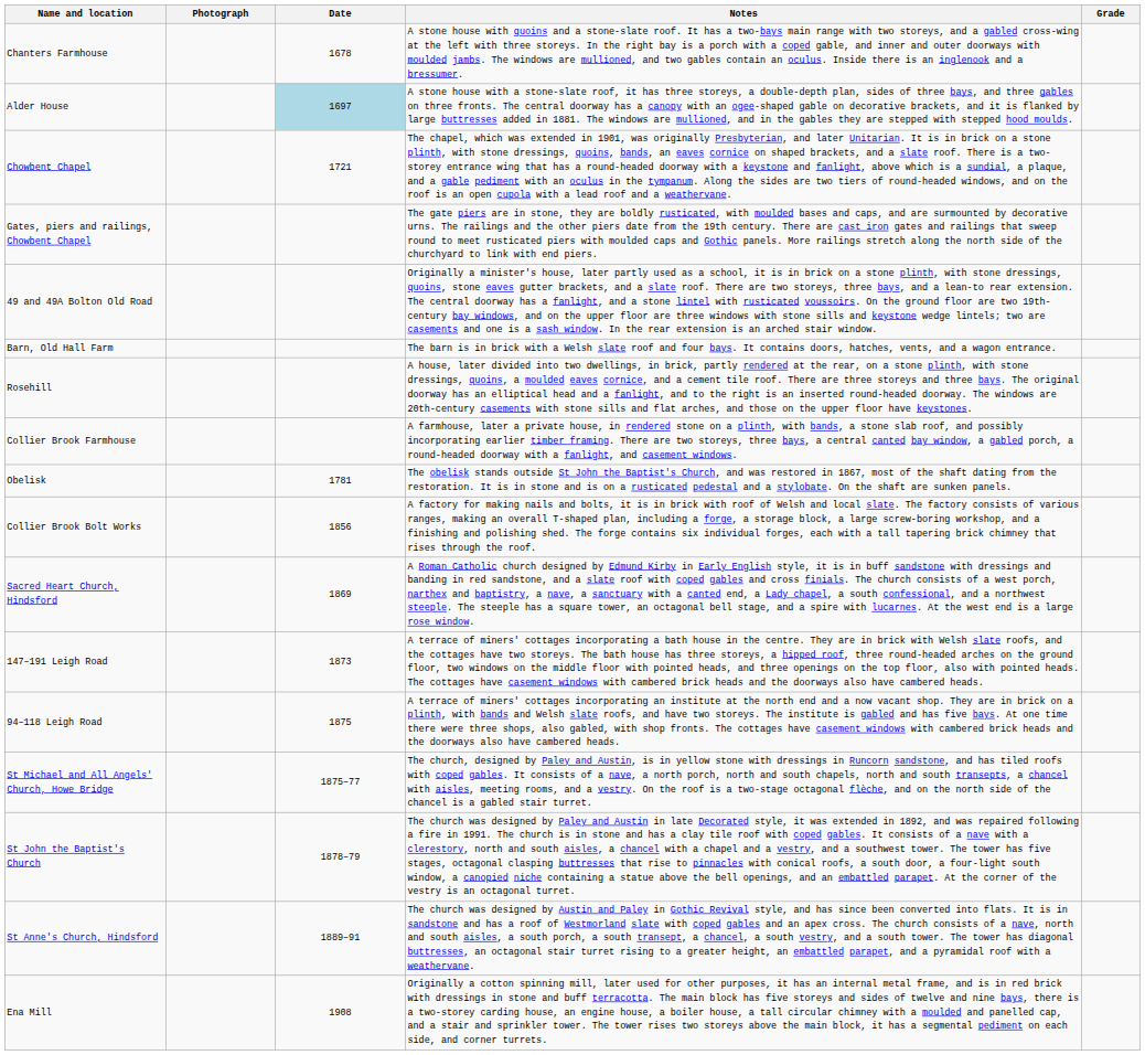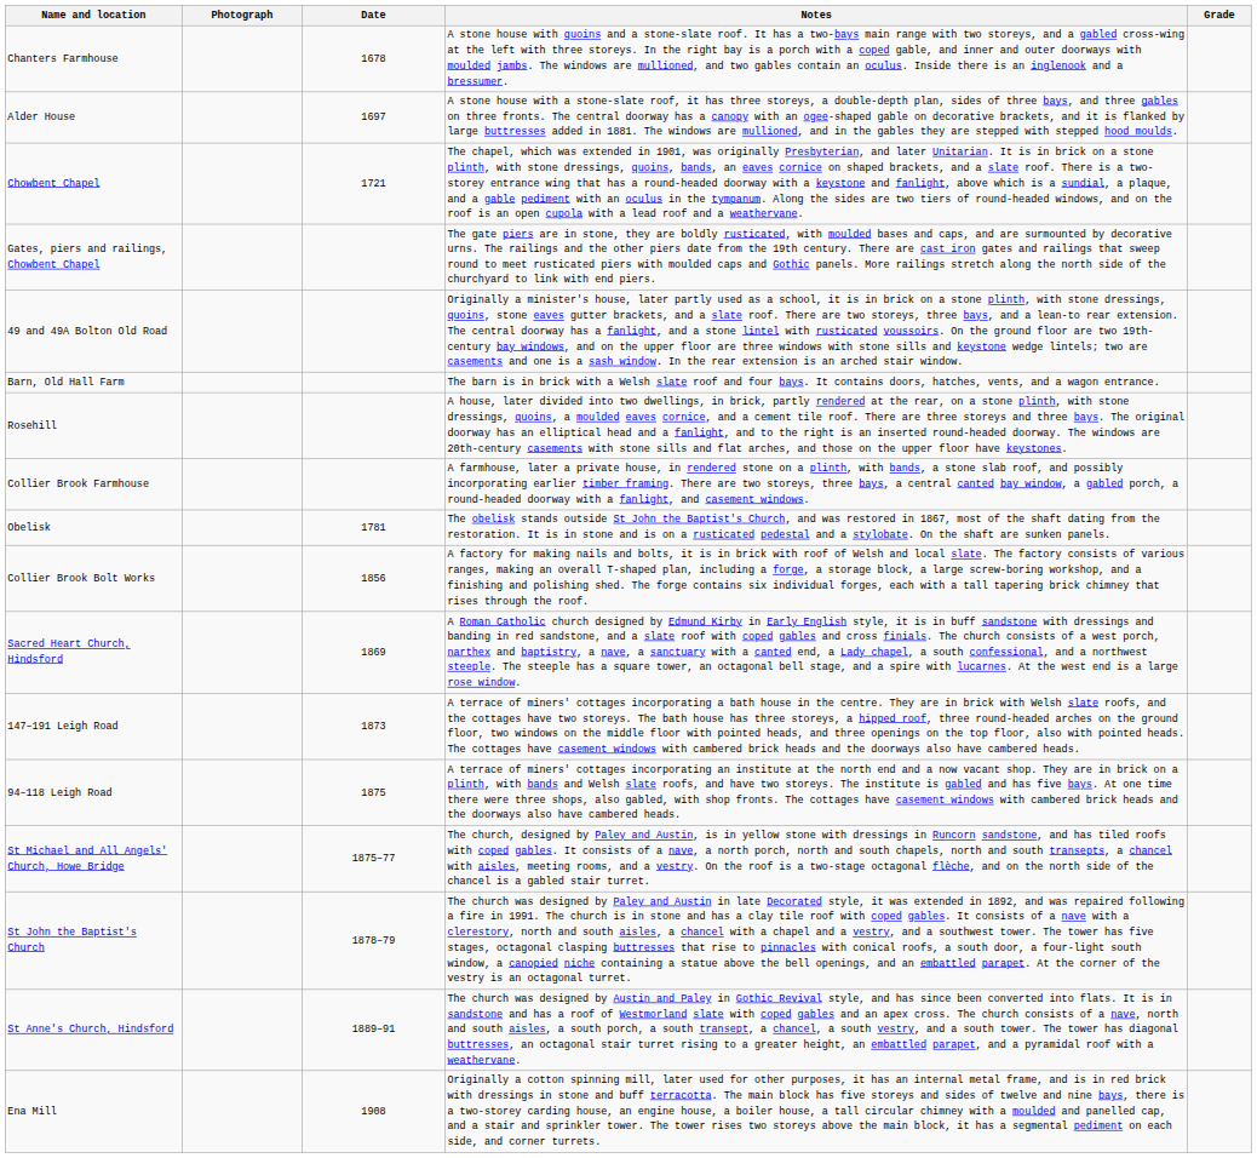 <table class="wikitable sortable plainrowheaders" style="width:100%; border:0; text-align:left; line-height:150%;">
 <tr>
 <th scope="col"  style="width:150px">Name and location</th>
 <th scope="col"  style="width:100px" class="unsortable">Photograph</th>
 <th scope="col"  style="width:120px">Date</th>
 <th scope="col"  style="width:650px" class="unsortable">Notes</th>
 <th scope="col"  style="width:50px">Grade</th>
 </tr>
 <tr>
 <td>Chanters Farmhouse<br><small></small></td>
 <td></td>
 <td align="center">1678</td>
 <td>A stone house with <a href='#'>quoins</a> and a stone-slate roof. It has a two-<a href='#'>bays</a> main range with two storeys, and a <a href='#'>gabled</a> cross-wing at the left with three storeys. In the right bay is a porch with a <a href='#'>coped</a> gable, and inner and outer doorways with <a href='#'>moulded</a> <a href='#'>jambs</a>. The windows are <a href='#'>mullioned</a>, and two gables contain an <a href='#'>oculus</a>. Inside there is an <a href='#'>inglenook</a> and a <a href='#'>bressumer</a>.</td>
 <td align="center" ></td>
 </tr>
 <tr>
 <td>Alder House<br><small></small></td>
 <td></td>
-<td align="center" style="background: lightblue;">1697</td>
+<td align="center">1697</td>
 <td>A stone house with a stone-slate roof, it has three storeys, a double-depth plan, sides of three <a href='#'>bays</a>, and three <a href='#'>gables</a> on three fronts. The central doorway has a <a href='#'>canopy</a> with an <a href='#'>ogee</a>-shaped gable on decorative brackets, and it is flanked by large <a href='#'>buttresses</a> added in 1881. The windows are <a href='#'>mullioned</a>, and in the gables they are stepped with stepped <a href='#'>hood moulds</a>.</td>
 <td align="center" ></td>
 </tr>
 <tr>
 <td><a href='#'>Chowbent Chapel</a><br><small></small></td>
 <td></td>
 <td align="center">1721</td>
 <td>The chapel, which was extended in 1901, was originally <a href='#'>Presbyterian</a>, and later <a href='#'>Unitarian</a>. It is in brick on a stone <a href='#'>plinth</a>, with stone dressings, <a href='#'>quoins</a>, <a href='#'>bands</a>, an <a href='#'>eaves</a> <a href='#'>cornice</a> on shaped brackets, and a <a href='#'>slate</a> roof. There is a two-storey entrance wing that has a round-headed doorway with a <a href='#'>keystone</a> and <a href='#'>fanlight</a>, above which is a <a href='#'>sundial</a>, a plaque, and a <a href='#'>gable</a> <a href='#'>pediment</a> with an <a href='#'>oculus</a> in the <a href='#'>tympanum</a>. Along the sides are two tiers of round-headed windows, and on the roof is an open <a href='#'>cupola</a> with a lead roof and a <a href='#'>weathervane</a>.</td>
 <td align="center" ></td>
 </tr>
 <tr>
 <td>Gates, piers and railings,<br><a href='#'>Chowbent Chapel</a><br><small></small></td>
 <td></td>
 <td align="center"></td>
 <td>The gate <a href='#'>piers</a> are in stone, they are boldly <a href='#'>rusticated</a>, with <a href='#'>moulded</a> bases and caps, and are surmounted by decorative urns. The railings and the other piers date from the 19th century. There are <a href='#'>cast iron</a> gates and railings that sweep round to meet rusticated piers with moulded caps and <a href='#'>Gothic</a> panels. More railings stretch along the north side of the churchyard to link with end piers.</td>
 <td align="center" ></td>
 </tr>
 <tr>
 <td>49 and 49A Bolton Old Road<br><small></small></td>
 <td></td>
 <td align="center"></td>
 <td>Originally a minister's house, later partly used as a school, it is in brick on a stone <a href='#'>plinth</a>, with stone dressings, <a href='#'>quoins</a>, stone <a href='#'>eaves</a> gutter brackets, and a <a href='#'>slate</a> roof. There are two storeys, three <a href='#'>bays</a>, and a lean-to rear extension. The central doorway has a <a href='#'>fanlight</a>, and a stone <a href='#'>lintel</a> with <a href='#'>rusticated</a> <a href='#'>voussoirs</a>. On the ground floor are two 19th-century <a href='#'>bay windows</a>, and on the upper floor are three windows with stone sills and <a href='#'>keystone</a> wedge lintels; two are <a href='#'>casements</a> and one is a <a href='#'>sash window</a>. In the rear extension is an arched stair window.</td>
 <td align="center" ></td>
 </tr>
 <tr>
 <td>Barn, Old Hall Farm<br><small></small></td>
 <td></td>
 <td align="center"></td>
 <td>The barn is in brick with a Welsh <a href='#'>slate</a> roof and four <a href='#'>bays</a>. It contains doors, hatches, vents, and a wagon entrance.</td>
 <td align="center" ></td>
 </tr>
 <tr>
 <td>Rosehill<br><small></small></td>
 <td></td>
 <td align="center"></td>
 <td>A house, later divided into two dwellings, in brick, partly <a href='#'>rendered</a> at the rear, on a stone <a href='#'>plinth</a>, with stone dressings, <a href='#'>quoins</a>, a <a href='#'>moulded</a> <a href='#'>eaves</a> <a href='#'>cornice</a>, and a cement tile roof. There are three storeys and three <a href='#'>bays</a>. The original doorway has an elliptical head and a <a href='#'>fanlight</a>, and to the right is an inserted round-headed doorway. The windows are 20th-century <a href='#'>casements</a> with stone sills and flat arches, and those on the upper floor have <a href='#'>keystones</a>.</td>
 <td align="center" ></td>
 </tr>
 <tr>
 <td>Collier Brook Farmhouse<br><small></small></td>
 <td></td>
 <td align="center"></td>
 <td>A farmhouse, later a private house, in <a href='#'>rendered</a> stone on a <a href='#'>plinth</a>, with <a href='#'>bands</a>, a stone slab roof, and possibly incorporating earlier <a href='#'>timber framing</a>. There are two storeys, three <a href='#'>bays</a>, a central <a href='#'>canted</a> <a href='#'>bay window</a>, a <a href='#'>gabled</a> porch, a round-headed doorway with a <a href='#'>fanlight</a>, and <a href='#'>casement windows</a>.</td>
 <td align="center" ></td>
 </tr>
 <tr>
 <td>Obelisk<br><small></small></td>
 <td></td>
 <td align="center">1781</td>
 <td>The <a href='#'>obelisk</a> stands outside <a href='#'>St John the Baptist's Church</a>, and was restored in 1867, most of the shaft dating from the restoration. It is in stone and is on a <a href='#'>rusticated</a> <a href='#'>pedestal</a> and a <a href='#'>stylobate</a>. On the shaft are sunken panels.</td>
 <td align="center" ></td>
 </tr>
 <tr>
 <td>Collier Brook Bolt Works<br><small></small></td>
 <td></td>
 <td align="center">1856</td>
 <td>A factory for making nails and bolts, it is in brick with roof of Welsh and local <a href='#'>slate</a>. The factory consists of various ranges, making an overall T-shaped plan, including a <a href='#'>forge</a>, a storage block, a large screw-boring workshop, and a finishing and polishing shed. The forge contains six individual forges, each with a tall tapering brick chimney that rises through the roof.</td>
 <td align="center" ></td>
 </tr>
 <tr>
 <td><a href='#'>Sacred Heart Church, Hindsford</a><br><small></small></td>
 <td></td>
 <td align="center">1869</td>
 <td>A <a href='#'>Roman Catholic</a> church designed by <a href='#'>Edmund Kirby</a> in <a href='#'>Early English</a> style, it is in buff <a href='#'>sandstone</a> with dressings and banding in red sandstone, and a <a href='#'>slate</a> roof with <a href='#'>coped</a> <a href='#'>gables</a> and cross <a href='#'>finials</a>. The church consists of a west porch, <a href='#'>narthex</a> and <a href='#'>baptistry</a>, a <a href='#'>nave</a>, a <a href='#'>sanctuary</a> with a <a href='#'>canted</a> end, a <a href='#'>Lady chapel</a>, a south <a href='#'>confessional</a>, and a northwest <a href='#'>steeple</a>. The steeple has a square tower, an octagonal bell stage, and a spire with <a href='#'>lucarnes</a>. At the west end is a large <a href='#'>rose window</a>.</td>
 <td align="center" ></td>
 </tr>
 <tr>
 <td>147–191 Leigh Road<br><small></small></td>
 <td></td>
 <td align="center">1873</td>
 <td>A terrace of miners' cottages incorporating a bath house in the centre. They are in brick with Welsh <a href='#'>slate</a> roofs, and the cottages have two storeys. The bath house has three storeys, a <a href='#'>hipped roof</a>, three round-headed arches on the ground floor, two windows on the middle floor with pointed heads, and three openings on the top floor, also with pointed heads. The cottages have <a href='#'>casement windows</a> with cambered brick heads and the doorways also have cambered heads.</td>
 <td align="center" ></td>
 </tr>
 <tr>
 <td>94–118 Leigh Road<br><small></small></td>
 <td></td>
 <td align="center">1875</td>
 <td>A terrace of miners' cottages incorporating an institute at the north end and a now vacant shop. They are in brick on a <a href='#'>plinth</a>, with <a href='#'>bands</a> and Welsh <a href='#'>slate</a> roofs, and have two storeys. The institute is <a href='#'>gabled</a> and has five <a href='#'>bays</a>. At one time there were three shops, also gabled, with shop fronts. The cottages have <a href='#'>casement windows</a> with cambered brick heads and the doorways also have cambered heads.</td>
 <td align="center" ></td>
 </tr>
 <tr>
 <td><a href='#'>St Michael and All Angels' Church, Howe Bridge</a><br><small></small></td>
 <td></td>
 <td align="center">1875–77</td>
 <td>The church, designed by <a href='#'>Paley and Austin</a>, is in yellow stone with dressings in <a href='#'>Runcorn</a> <a href='#'>sandstone</a>, and has tiled roofs with <a href='#'>coped</a> <a href='#'>gables</a>. It consists of a <a href='#'>nave</a>, a north porch, north and south chapels, north and south <a href='#'>transepts</a>, a <a href='#'>chancel</a> with <a href='#'>aisles</a>, meeting rooms, and a <a href='#'>vestry</a>. On the roof is a two-stage octagonal <a href='#'>flèche</a>, and on the north side of the chancel is a gabled stair turret.</td>
 <td align="center" ></td>
 </tr>
 <tr>
 <td><a href='#'>St John the Baptist's Church</a><br><small></small></td>
 <td></td>
 <td align="center">1878–79</td>
 <td>The church was designed by <a href='#'>Paley and Austin</a> in late <a href='#'>Decorated</a> style, it was extended in 1892, and was repaired following a fire in 1991. The church is in stone and has a clay tile roof with <a href='#'>coped</a> <a href='#'>gables</a>. It consists of a <a href='#'>nave</a> with a <a href='#'>clerestory</a>, north and south <a href='#'>aisles</a>, a <a href='#'>chancel</a> with a chapel and a <a href='#'>vestry</a>, and a southwest tower. The tower has five stages, octagonal clasping <a href='#'>buttresses</a> that rise to <a href='#'>pinnacles</a> with conical roofs, a south door, a four-light south window, a <a href='#'>canopied</a> <a href='#'>niche</a> containing a statue above the bell openings, and an <a href='#'>embattled</a> <a href='#'>parapet</a>. At the corner of the vestry is an octagonal turret.</td>
 <td align="center" ></td>
 </tr>
 <tr>
 <td><a href='#'>St Anne's Church, Hindsford</a><br><small></small></td>
 <td></td>
 <td align="center">1889–91</td>
 <td>The church was designed by <a href='#'>Austin and Paley</a> in <a href='#'>Gothic Revival</a> style, and has since been converted into flats. It is in <a href='#'>sandstone</a> and has a roof of <a href='#'>Westmorland</a> <a href='#'>slate</a> with <a href='#'>coped</a> <a href='#'>gables</a> and an apex cross. The church consists of a <a href='#'>nave</a>, north and south <a href='#'>aisles</a>, a south porch, a south <a href='#'>transept</a>, a <a href='#'>chancel</a>, a south <a href='#'>vestry</a>, and a south tower. The tower has diagonal <a href='#'>buttresses</a>, an octagonal stair turret rising to a greater height, an <a href='#'>embattled</a> <a href='#'>parapet</a>, and a pyramidal roof with a <a href='#'>weathervane</a>.</td>
 <td align="center" ></td>
 </tr>
 <tr>
 <td>Ena Mill<br><small></small></td>
 <td></td>
 <td align="center">1908</td>
 <td>Originally a cotton spinning mill, later used for other purposes, it has an internal metal frame, and is in red brick with dressings in stone and buff <a href='#'>terracotta</a>. The main block has five storeys and sides of twelve and nine <a href='#'>bays</a>, there is a two-storey carding house, an engine house, a boiler house, a tall circular chimney with a <a href='#'>moulded</a> and panelled cap, and a stair and sprinkler tower. The tower rises two storeys above the main block, it has a segmental <a href='#'>pediment</a> on each side, and corner turrets.</td>
 <td align="center" ></td>
 </tr>
 <tr>
 </tr>
 </table>
